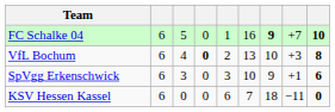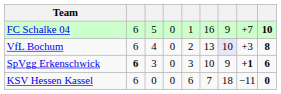 <table class="wikitable" style="text-align: center;">
 <tr>
 <th width=175>Team</th>
 <th width=20></th>
 <th width=20></th>
 <th width=20></th>
 <th width=20></th>
 <th width=20></th>
 <th width=20></th>
 <th width=20></th>
 <th width=20></th>
 </tr>
 <tr bgcolor="#ccffcc">
 <td align=left><a href='#'>FC Schalke 04</a></td>
 <td>6</td>
 <td>5</td>
 <td>0</td>
 <td>1</td>
 <td>16</td>
-<td><strong>9</strong></td>
+<td>9</td>
 <td>+7</td>
 <td><strong>10</strong></td>
 </tr>
 <tr>
 <td align=left><a href='#'>VfL Bochum</a></td>
 <td>6</td>
 <td>4</td>
-<td><strong>0</strong></td>
+<td>0</td>
 <td>2</td>
 <td>13</td>
-<td>10</td>
+<td style="background: lavender;">10</td>
 <td>+3</td>
 <td><strong>8</strong></td>
 </tr>
 <tr>
 <td align=left><a href='#'>SpVgg Erkenschwick</a></td>
-<td>6</td>
+<td><strong>6</strong></td>
 <td>3</td>
 <td>0</td>
 <td>3</td>
 <td>10</td>
 <td>9</td>
-<td>+1</td>
+<td><strong>+1</strong></td>
 <td><strong>6</strong></td>
 </tr>
 <tr>
 <td align=left><a href='#'>KSV Hessen Kassel</a></td>
 <td>6</td>
 <td>0</td>
 <td>0</td>
 <td>6</td>
 <td>7</td>
 <td>18</td>
 <td>−11</td>
 <td><strong>0</strong></td>
 </tr>
 </table>
